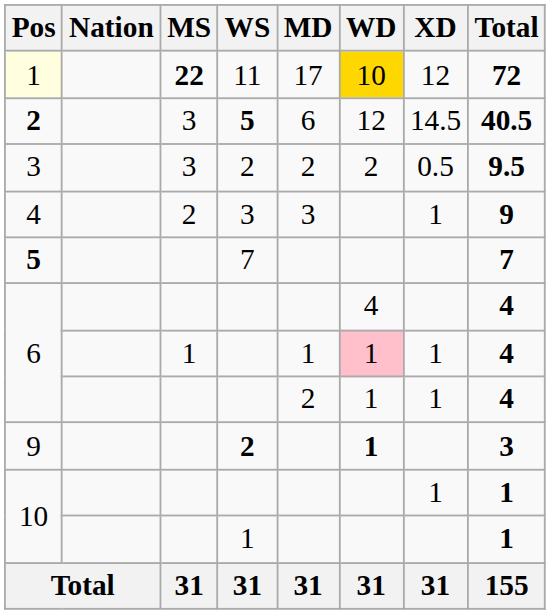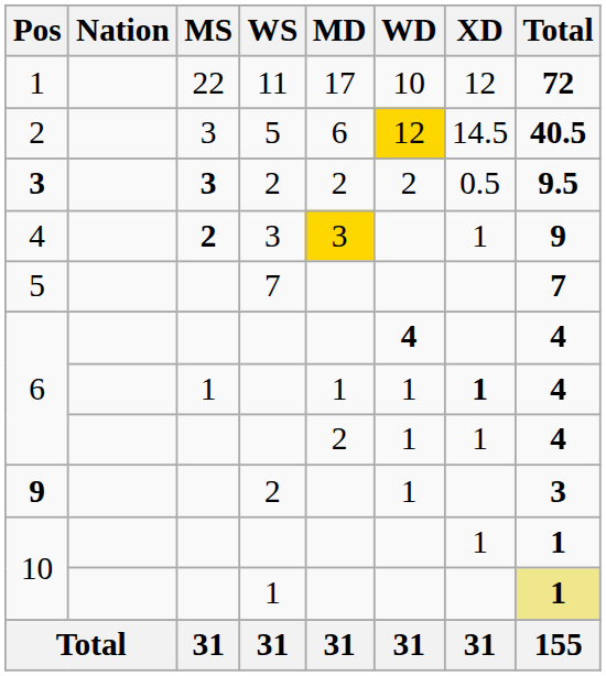 <table class="wikitable" style="text-align:center">
 <tr>
 <th>Pos</th>
 <th>Nation</th>
 <th>MS</th>
 <th>WS</th>
 <th>MD</th>
 <th>WD</th>
 <th>XD</th>
 <th>Total</th>
 </tr>
 <tr>
-<td style="background: lightyellow;">1</td>
+<td>1</td>
 <td align=left><strong></strong></td>
-<td><strong>22</strong></td>
+<td>22</td>
 <td>11</td>
 <td>17</td>
-<td style="background: gold;">10</td>
+<td>10</td>
 <td>12</td>
 <td><strong>72</strong></td>
 </tr>
 <tr>
-<td><strong>2</strong></td>
+<td>2</td>
 <td align=left></td>
 <td>3</td>
-<td><strong>5</strong></td>
+<td>5</td>
 <td>6</td>
-<td>12</td>
+<td style="background: gold;">12</td>
 <td>14.5</td>
 <td><strong>40.5</strong></td>
 </tr>
 <tr>
-<td>3</td>
+<td><strong>3</strong></td>
 <td align=left></td>
-<td>3</td>
+<td><strong>3</strong></td>
 <td>2</td>
 <td>2</td>
 <td>2</td>
 <td>0.5</td>
 <td><strong>9.5</strong></td>
 </tr>
 <tr>
 <td>4</td>
 <td align=left></td>
-<td>2</td>
+<td><strong>2</strong></td>
 <td>3</td>
-<td>3</td>
+<td style="background: gold;">3</td>
 <td></td>
 <td>1</td>
 <td><strong>9</strong></td>
 </tr>
 <tr>
-<td><strong>5</strong></td>
+<td>5</td>
 <td align=left></td>
 <td></td>
 <td>7</td>
 <td></td>
 <td></td>
 <td></td>
 <td><strong>7</strong></td>
 </tr>
 <tr>
 <td rowspan="3">6</td>
 <td align=left></td>
 <td></td>
 <td></td>
 <td></td>
-<td>4</td>
+<td><strong>4</strong></td>
 <td></td>
 <td><strong>4</strong></td>
 </tr>
 <tr>
 <td align=left></td>
 <td>1</td>
 <td></td>
 <td>1</td>
-<td style="background: pink;">1</td>
 <td>1</td>
+<td><strong>1</strong></td>
 <td><strong>4</strong></td>
 </tr>
 <tr>
 <td align=left></td>
 <td></td>
 <td></td>
 <td>2</td>
 <td>1</td>
 <td>1</td>
 <td><strong>4</strong></td>
 </tr>
 <tr>
-<td>9</td>
+<td><strong>9</strong></td>
 <td align=left></td>
 <td></td>
-<td><strong>2</strong></td>
+<td>2</td>
 <td></td>
-<td><strong>1</strong></td>
+<td>1</td>
 <td></td>
 <td><strong>3</strong></td>
 </tr>
 <tr>
 <td rowspan="2">10</td>
 <td align=left></td>
 <td></td>
 <td></td>
 <td></td>
 <td></td>
 <td>1</td>
 <td><strong>1</strong></td>
 </tr>
 <tr>
 <td align=left></td>
 <td></td>
 <td>1</td>
 <td></td>
 <td></td>
 <td></td>
-<td><strong>1</strong></td>
+<td style="background: khaki;"><strong>1</strong></td>
 </tr>
 <tr>
 <th colspan=2>Total</th>
 <th>31</th>
 <th>31</th>
 <th>31</th>
 <th>31</th>
 <th>31</th>
 <th><strong>155</strong></th>
 </tr>
 </table>
